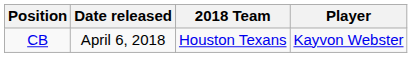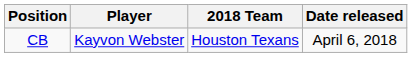 <table class="wikitable" style="text-align:center">
 <tr>
 <th>Position</th>
+<th>Player</th>
+<th>2018 Team</th>
 <th>Date released</th>
-<th>2018 Team</th>
-<th>Player</th>
 </tr>
 <tr>
 <td><a href='#'>CB</a></td>
+<td><a href='#'>Kayvon Webster</a></td>
+<td><a href='#'>Houston Texans</a></td>
 <td>April 6, 2018</td>
-<td><a href='#'>Houston Texans</a></td>
-<td><a href='#'>Kayvon Webster</a></td>
 </tr>
 </table>
